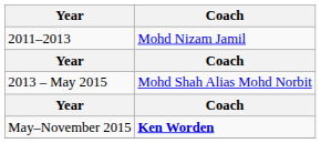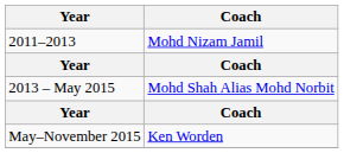 <table class="wikitable">
 <tr>
 <th>Year</th>
 <th>Coach</th>
 </tr>
 <tr>
 <td>2011–2013</td>
 <td> <a href='#'>Mohd Nizam Jamil</a></td>
 </tr>
 <tr>
 <th>Year</th>
 <th>Coach</th>
 </tr>
 <tr>
 <td>2013 – May 2015</td>
 <td> <a href='#'>Mohd Shah Alias Mohd Norbit</a></td>
 </tr>
 <tr>
 <th>Year</th>
 <th>Coach</th>
 </tr>
 <tr>
 <td>May–November 2015</td>
-<td><strong> <a href='#'>Ken Worden</a></strong></td>
+<td> <a href='#'>Ken Worden</a></td>
 </tr>
 <tr>
 </tr>
 </table>
